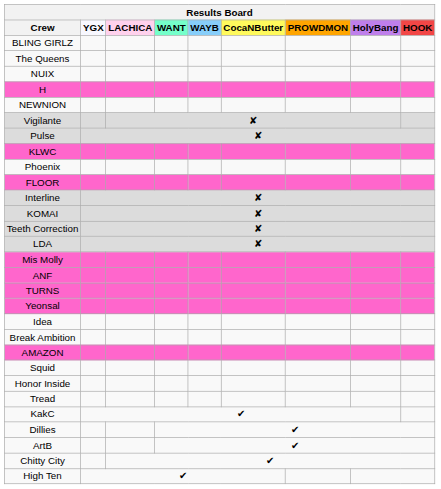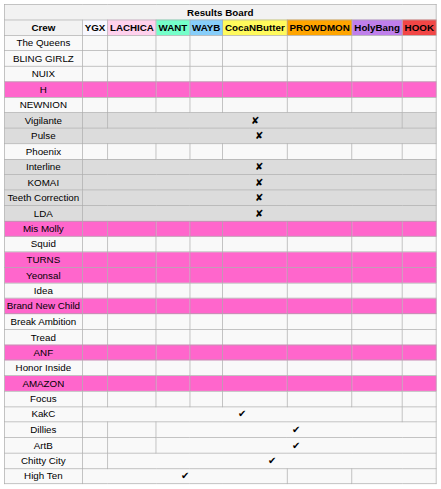 <table class="wikitable mw-collapsible mw-collapsed" style="text-align:center; font-size:90%">
 <tr style="text-align:left|">
 <th colspan="9">Results Board</th>
 </tr>
 <tr>
 <th>Crew</th>
 <th style="background:#F8F8FF"><strong>YGX</strong></th>
 <th style="background:#FFD1ED"><strong>LACHICA</strong></th>
 <th style="background:#75FFCA"><strong>WANT</strong></th>
 <th style="background:#87CEFA"><strong>WAYB</strong></th>
 <th style="background:#FFFA5C"><strong>CocaNButter</strong></th>
 <th style="background:orange"><strong>PROWDMON</strong></th>
 <th style="background:#BF7FEB"><strong>HolyBang</strong></th>
 <th style="background:#F24646"><strong>HOOK</strong></th>
 </tr>
 <tr>
-<td>BLING GIRLZ</td>
+<td>The Queens</td>
 <td><strong></strong></td>
 <td><strong></strong></td>
 <td><strong></strong></td>
 <td><strong></strong></td>
 <td><strong></strong></td>
 <td><strong></strong></td>
 <td><strong></strong></td>
 <td><strong></strong></td>
 </tr>
 <tr>
-<td>The Queens</td>
+<td>BLING GIRLZ</td>
 <td><strong></strong></td>
 <td><strong></strong></td>
 <td><strong></strong></td>
 <td><strong></strong></td>
 <td><strong></strong></td>
 <td><strong></strong></td>
 <td><strong></strong></td>
 <td><strong></strong></td>
 </tr>
 <tr>
 <td>NUIX</td>
 <td><strong></strong></td>
 <td><strong></strong></td>
 <td><strong></strong></td>
 <td><strong></strong></td>
 <td><strong></strong></td>
 <td><strong></strong></td>
 <td><strong></strong></td>
 <td><strong></strong></td>
 </tr>
 <tr bgcolor=#FF66CC>
 <td>H</td>
 <td><strong></strong></td>
 <td><strong></strong></td>
 <td><strong></strong></td>
 <td><strong></strong></td>
 <td><strong></strong></td>
 <td><strong></strong></td>
 <td><strong></strong></td>
 <td><strong></strong></td>
 </tr>
 <tr>
 <td>NEWNION</td>
 <td><strong></strong></td>
 <td><strong></strong></td>
 <td><strong></strong></td>
 <td><strong></strong></td>
 <td><strong></strong></td>
 <td><strong></strong></td>
 <td><strong></strong></td>
 <td><strong></strong></td>
 </tr>
 <tr bgcolor=#dcdcdc>
 <td>Vigilante</td>
 <td><strong></strong></td>
 <td colspan="6" style="text-align: center;">✘</td>
 <td><strong></strong></td>
 </tr>
 <tr bgcolor=#dcdcdc>
 <td>Pulse</td>
 <td colspan="8" style="text-align: center;">✘</td>
 </tr>
-<tr bgcolor=#FF66CC>
-<td>KLWC</td>
-<td><strong></strong></td>
-<td><strong></strong></td>
-<td><strong></strong></td>
-<td><strong></strong></td>
-<td><strong></strong></td>
-<td><strong></strong></td>
-<td><strong></strong></td>
-<td><strong></strong></td>
-</tr>
 <tr>
 <td>Phoenix</td>
-<td><strong></strong></td>
-<td><strong></strong></td>
-<td><strong></strong></td>
-<td><strong></strong></td>
-<td><strong></strong></td>
-<td><strong></strong></td>
-<td><strong></strong></td>
-<td><strong></strong></td>
-</tr>
-<tr bgcolor=#FF66CC>
-<td>FLOOR</td>
 <td><strong></strong></td>
 <td><strong></strong></td>
 <td><strong></strong></td>
 <td><strong></strong></td>
 <td><strong></strong></td>
 <td><strong></strong></td>
 <td><strong></strong></td>
 <td><strong></strong></td>
 </tr>
 <tr bgcolor=#dcdcdc>
 <td>Interline</td>
 <td colspan="8" style="text-align: center;">✘</td>
 </tr>
 <tr bgcolor=#dcdcdc>
 <td>KOMAI</td>
 <td colspan="8" style="text-align: center;">✘</td>
 </tr>
 <tr bgcolor=#dcdcdc>
 <td>Teeth Correction</td>
 <td colspan="8" style="text-align: center;">✘</td>
 </tr>
 <tr bgcolor=#dcdcdc>
 <td>LDA</td>
 <td colspan="8" style="text-align: center;">✘</td>
 </tr>
 <tr bgcolor=#FF66CC>
 <td>Mis Molly</td>
 <td><strong></strong></td>
 <td><strong></strong></td>
 <td><strong></strong></td>
 <td><strong></strong></td>
 <td><strong></strong></td>
 <td><strong></strong></td>
 <td><strong></strong></td>
 <td><strong></strong></td>
 </tr>
-<tr bgcolor=#FF66CC>
-<td>ANF</td>
+<tr>
+<td>Squid</td>
 <td><strong></strong></td>
 <td><strong></strong></td>
 <td><strong></strong></td>
 <td><strong></strong></td>
 <td><strong></strong></td>
 <td><strong></strong></td>
 <td><strong></strong></td>
 <td><strong></strong></td>
 </tr>
 <tr bgcolor=#FF66CC>
 <td>TURNS</td>
 <td><strong></strong></td>
 <td><strong></strong></td>
 <td><strong></strong></td>
 <td><strong></strong></td>
 <td><strong></strong></td>
 <td><strong></strong></td>
 <td><strong></strong></td>
 <td><strong></strong></td>
 </tr>
 <tr bgcolor=#FF66CC>
 <td>Yeonsal</td>
 <td><strong></strong></td>
 <td><strong></strong></td>
 <td><strong></strong></td>
 <td><strong></strong></td>
 <td><strong></strong></td>
 <td><strong></strong></td>
 <td><strong></strong></td>
 <td><strong></strong></td>
 </tr>
 <tr>
 <td>Idea</td>
 <td><strong></strong></td>
 <td><strong></strong></td>
 <td><strong></strong></td>
 <td><strong></strong></td>
 <td><strong></strong></td>
 <td><strong></strong></td>
 <td><strong></strong></td>
 <td><strong></strong></td>
 </tr>
+<tr bgcolor=#FF66CC>
+<td>Brand New Child</td>
+<td><strong></strong></td>
+<td><strong></strong></td>
+<td><strong></strong></td>
+<td><strong></strong></td>
+<td><strong></strong></td>
+<td><strong></strong></td>
+<td><strong></strong></td>
+<td><strong></strong></td>
+</tr>
 <tr>
 <td>Break Ambition</td>
+<td><strong></strong></td>
+<td><strong></strong></td>
+<td><strong></strong></td>
+<td><strong></strong></td>
+<td><strong></strong></td>
+<td><strong></strong></td>
+<td><strong></strong></td>
+<td><strong></strong></td>
+</tr>
+<tr>
+<td>Tread</td>
+<td style="text-align: center;"><strong></strong></td>
+<td><strong></strong></td>
+<td><strong></strong></td>
+<td><strong></strong></td>
+<td style="text-align: center;"><strong></strong></td>
+<td><strong></strong></td>
+<td><strong></strong></td>
+<td><strong></strong></td>
+</tr>
+<tr bgcolor=#FF66CC>
+<td>ANF</td>
+<td><strong></strong></td>
+<td><strong></strong></td>
+<td><strong></strong></td>
+<td><strong></strong></td>
+<td><strong></strong></td>
+<td><strong></strong></td>
+<td><strong></strong></td>
+<td><strong></strong></td>
+</tr>
+<tr>
+<td>Honor Inside</td>
 <td><strong></strong></td>
 <td><strong></strong></td>
 <td><strong></strong></td>
 <td><strong></strong></td>
 <td><strong></strong></td>
 <td><strong></strong></td>
 <td><strong></strong></td>
 <td><strong></strong></td>
 </tr>
 <tr bgcolor=#FF66CC>
 <td>AMAZON</td>
 <td><strong></strong></td>
 <td><strong></strong></td>
 <td><strong></strong></td>
 <td><strong></strong></td>
 <td><strong></strong></td>
 <td><strong></strong></td>
 <td><strong></strong></td>
 <td><strong></strong></td>
 </tr>
 <tr>
-<td>Squid</td>
+<td>Focus</td>
+<td style="text-align: center;"><strong></strong></td>
 <td><strong></strong></td>
 <td><strong></strong></td>
 <td><strong></strong></td>
 <td><strong></strong></td>
-<td><strong></strong></td>
-<td><strong></strong></td>
-<td><strong></strong></td>
-<td><strong></strong></td>
-</tr>
-<tr>
-<td>Honor Inside</td>
-<td><strong></strong></td>
-<td><strong></strong></td>
-<td><strong></strong></td>
-<td><strong></strong></td>
-<td><strong></strong></td>
-<td><strong></strong></td>
-<td><strong></strong></td>
-<td><strong></strong></td>
-</tr>
-<tr>
-<td>Tread</td>
-<td style="text-align: center;"><strong></strong></td>
-<td><strong></strong></td>
-<td><strong></strong></td>
-<td><strong></strong></td>
-<td style="text-align: center;"><strong></strong></td>
 <td><strong></strong></td>
 <td><strong></strong></td>
 <td><strong></strong></td>
 </tr>
 <tr>
 <td>KakC</td>
 <td colspan="7" style="text-align: center;">✔</td>
 <td><strong></strong></td>
 </tr>
 <tr>
 <td>Dillies</td>
 <td><strong></strong></td>
 <td><strong></strong></td>
 <td colspan="6" style="text-align: center;">✔</td>
 </tr>
 <tr>
 <td>ArtB</td>
 <td><strong></strong></td>
 <td><strong></strong></td>
 <td colspan="6" style="text-align: center;">✔</td>
 </tr>
 <tr>
 <td>Chitty City</td>
 <td><strong></strong></td>
 <td colspan="7" style="text-align: center;">✔</td>
 </tr>
 <tr>
 <td>High Ten</td>
 <td colspan="5" style="text-align: center;">✔</td>
 <td><strong></strong></td>
 <td colspan="2"><strong></strong></td>
 </tr>
 </table>
